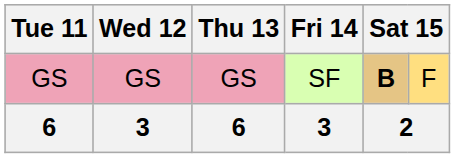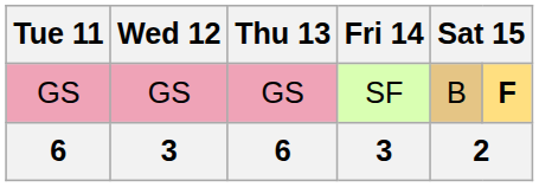 <table class="wikitable" style="margin:0.5em auto; line-height:1.5em;">
 <tr>
 <th>Tue 11</th>
 <th>Wed 12</th>
 <th>Thu 13</th>
 <th>Fri 14</th>
 <th colspan="2">Sat 15</th>
 </tr>
 <tr align=center>
 <td style="background-color:#EFA3B7;">GS</td>
 <td style="background-color:#EFA3B7;">GS</td>
 <td style="background-color:#EFA3B7;">GS</td>
 <td style="background-color:#D9FFB2;">SF</td>
-<td style="background-color:#E5C585;"><strong>B</strong></td>
-<td style="background-color:#FFDF80;">F</td>
+<td style="background-color:#E5C585;">B</td>
+<td style="background-color:#FFDF80;"><strong>F</strong></td>
 </tr>
 <tr>
 <th>6 </th>
 <th>3 </th>
 <th>6 </th>
 <th>3 </th>
 <th colspan="2">2 </th>
 </tr>
 </table>
